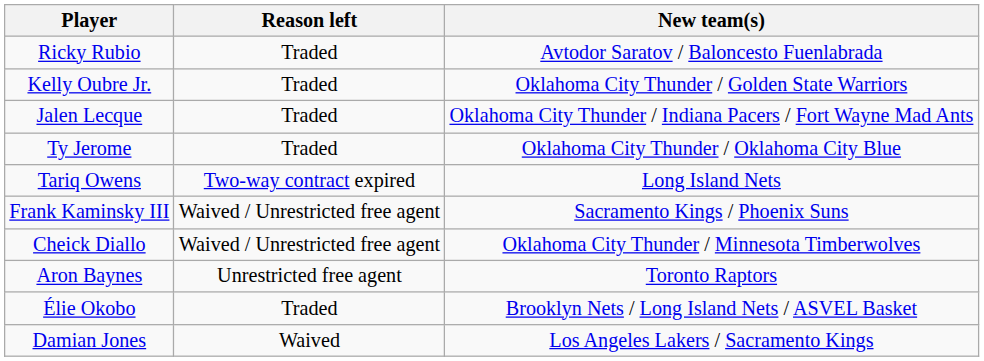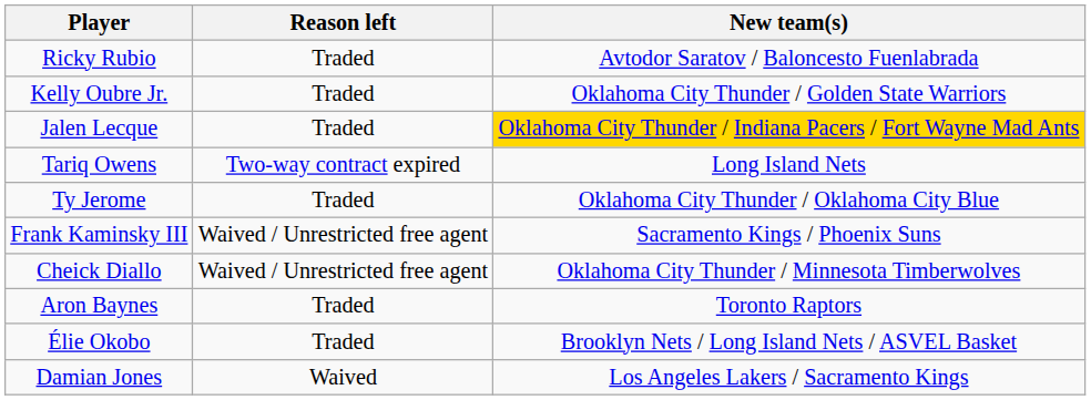 <table class="wikitable sortable sortable">
 <tr>
 <th>Player</th>
 <th>Reason left</th>
 <th>New team(s)</th>
 </tr>
 <tr style="text-align: center">
 <td><a href='#'>Ricky Rubio</a></td>
 <td>Traded</td>
 <td> <a href='#'>Avtodor Saratov</a> /  <a href='#'>Baloncesto Fuenlabrada</a></td>
 </tr>
 <tr style="text-align: center">
 <td><a href='#'>Kelly Oubre Jr.</a></td>
 <td>Traded</td>
 <td><a href='#'>Oklahoma City Thunder</a> / <a href='#'>Golden State Warriors</a></td>
 </tr>
 <tr style="text-align: center">
 <td><a href='#'>Jalen Lecque</a></td>
 <td>Traded</td>
-<td><a href='#'>Oklahoma City Thunder</a> / <a href='#'>Indiana Pacers</a> / <a href='#'>Fort Wayne Mad Ants</a></td>
+<td style="background: gold;"><a href='#'>Oklahoma City Thunder</a> / <a href='#'>Indiana Pacers</a> / <a href='#'>Fort Wayne Mad Ants</a></td>
+</tr>
+<tr style="text-align: center">
+<td><a href='#'>Tariq Owens</a></td>
+<td><a href='#'>Two-way contract</a> expired</td>
+<td><a href='#'>Long Island Nets</a></td>
 </tr>
 <tr style="text-align: center">
 <td><a href='#'>Ty Jerome</a></td>
 <td>Traded</td>
 <td><a href='#'>Oklahoma City Thunder</a> / <a href='#'>Oklahoma City Blue</a></td>
-</tr>
-<tr style="text-align: center">
-<td><a href='#'>Tariq Owens</a></td>
-<td><a href='#'>Two-way contract</a> expired</td>
-<td><a href='#'>Long Island Nets</a></td>
 </tr>
 <tr style="text-align: center">
 <td><a href='#'>Frank Kaminsky III</a></td>
 <td>Waived / Unrestricted free agent</td>
 <td><a href='#'>Sacramento Kings</a> / <a href='#'>Phoenix Suns</a></td>
 </tr>
 <tr style="text-align: center">
 <td><a href='#'>Cheick Diallo</a></td>
 <td>Waived / Unrestricted free agent</td>
 <td><a href='#'>Oklahoma City Thunder</a> / <a href='#'>Minnesota Timberwolves</a></td>
 </tr>
 <tr style="text-align: center">
 <td><a href='#'>Aron Baynes</a></td>
-<td>Unrestricted free agent</td>
+<td>Traded</td>
 <td> <a href='#'>Toronto Raptors</a></td>
 </tr>
 <tr style="text-align: center">
 <td><a href='#'>Élie Okobo</a></td>
 <td>Traded</td>
 <td><a href='#'>Brooklyn Nets</a> / <a href='#'>Long Island Nets</a> /  <a href='#'>ASVEL Basket</a></td>
 </tr>
 <tr style="text-align: center">
 <td><a href='#'>Damian Jones</a></td>
 <td>Waived</td>
 <td><a href='#'>Los Angeles Lakers</a> / <a href='#'>Sacramento Kings</a></td>
 </tr>
 </table>
